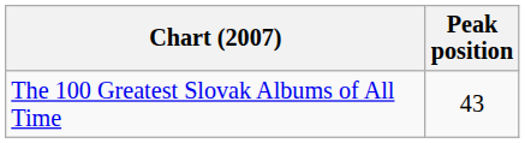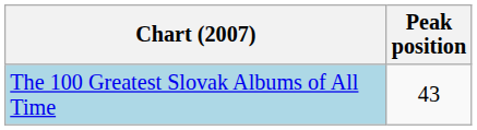 <table class="wikitable">
 <tr>
 <th style="width:270px;">Chart (2007)</th>
 <th>Peak<br>position</th>
 </tr>
 <tr>
-<td><a href='#'>The 100 Greatest Slovak Albums of All Time</a></td>
+<td style="background: lightblue;"><a href='#'>The 100 Greatest Slovak Albums of All Time</a></td>
 <td style="text-align:center;">43</td>
 </tr>
 </table>
